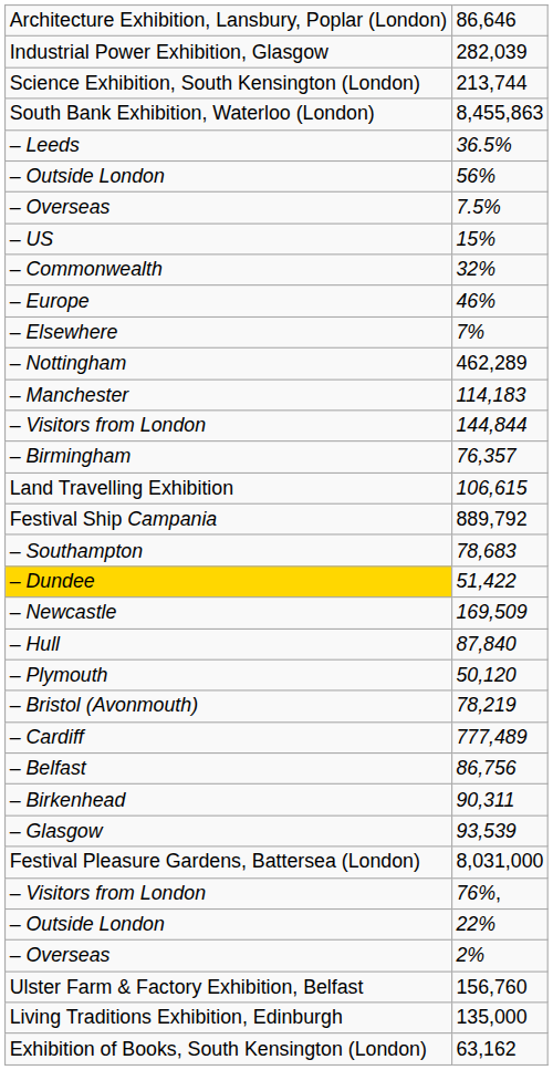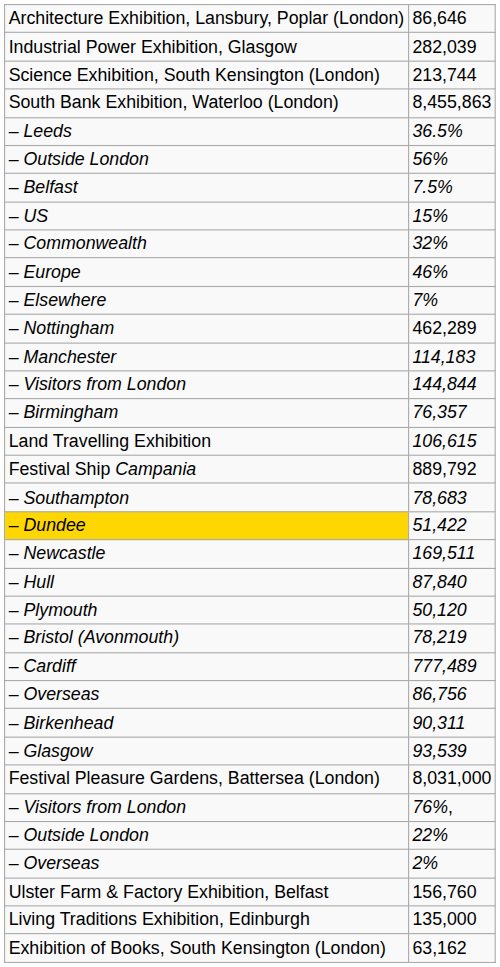 <table class="wikitable">
 <tr>
 <td>Architecture Exhibition, Lansbury, Poplar (London)</td>
 <td>86,646</td>
 </tr>
 <tr>
 <td>Industrial Power Exhibition, Glasgow</td>
 <td>282,039</td>
 </tr>
 <tr>
 <td>Science Exhibition, South Kensington (London)</td>
 <td>213,744</td>
 </tr>
 <tr>
 <td>South Bank Exhibition, Waterloo (London)</td>
 <td>8,455,863</td>
 </tr>
 <tr>
 <td>– <em>Leeds</em></td>
 <td><em>36.5%</em></td>
 </tr>
 <tr>
 <td>– <em>Outside London</em></td>
 <td><em>56%</em></td>
 </tr>
 <tr>
-<td>– <em>Overseas</em></td>
+<td>– <em>Belfast</em></td>
 <td><em>7.5%</em></td>
 </tr>
 <tr>
 <td>– <em>US</em></td>
 <td><em>15%</em></td>
 </tr>
 <tr>
 <td>– <em>Commonwealth</em></td>
 <td><em>32%</em></td>
 </tr>
 <tr>
 <td>– <em>Europe</em></td>
 <td><em>46%</em></td>
 </tr>
 <tr>
 <td>– <em>Elsewhere</em></td>
 <td><em>7%</em></td>
 </tr>
 <tr>
 <td>– <em>Nottingham</em></td>
 <td>462,289</td>
 </tr>
 <tr>
 <td>– <em> Manchester</em></td>
 <td><em>114,183</em></td>
 </tr>
 <tr>
 <td>–  <em>Visitors from London</em></td>
 <td><em>144,844</em></td>
 </tr>
 <tr>
 <td>– <em>Birmingham</em></td>
 <td><em>76,357</em></td>
 </tr>
 <tr>
 <td>Land Travelling Exhibition</td>
 <td><em>106,615</em></td>
 </tr>
 <tr>
 <td>Festival Ship <em>Campania</em></td>
 <td>889,792</td>
 </tr>
 <tr>
 <td>– <em>Southampton</em></td>
 <td><em>78,683</em></td>
 </tr>
 <tr>
 <td style="background: gold;">– <em>Dundee</em></td>
 <td><em>51,422</em></td>
 </tr>
 <tr>
 <td>– <em>Newcastle</em></td>
-<td><em>169,509</em></td>
+<td><em>169,511</em></td>
 </tr>
 <tr>
 <td>– <em>Hull</em></td>
 <td><em>87,840</em></td>
 </tr>
 <tr>
 <td>– <em>Plymouth</em></td>
 <td><em>50,120</em></td>
 </tr>
 <tr>
 <td>– <em>Bristol (Avonmouth)</em></td>
 <td><em>78,219</em></td>
 </tr>
 <tr>
 <td>– <em>Cardiff</em></td>
 <td><em>777,489</em></td>
 </tr>
 <tr>
-<td>– <em>Belfast</em></td>
+<td>– <em>Overseas</em></td>
 <td><em>86,756</em></td>
 </tr>
 <tr>
 <td>– <em>Birkenhead</em></td>
 <td><em>90,311</em></td>
 </tr>
 <tr>
 <td>– <em>Glasgow</em></td>
 <td><em>93,539</em></td>
 </tr>
 <tr>
 <td>Festival Pleasure Gardens, Battersea (London)</td>
 <td>8,031,000</td>
 </tr>
 <tr>
 <td>– <em>Visitors from London</em></td>
 <td><em>76%</em>,</td>
 </tr>
 <tr>
 <td>– <em>Outside London</em></td>
 <td><em>22%</em></td>
 </tr>
 <tr>
 <td>– <em>Overseas</em></td>
 <td><em>2%</em></td>
 </tr>
 <tr>
 <td>Ulster Farm & Factory Exhibition, Belfast</td>
 <td>156,760</td>
 </tr>
 <tr>
 <td>Living Traditions Exhibition, Edinburgh</td>
 <td>135,000</td>
 </tr>
 <tr>
 <td>Exhibition of Books, South Kensington (London)</td>
 <td>63,162</td>
 </tr>
 </table>
